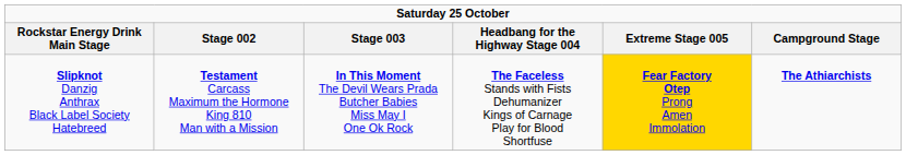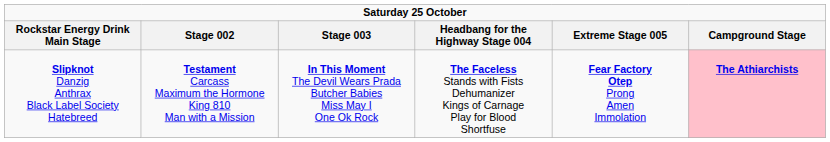 <table class="wikitable">
 <tr>
 <td colspan="6" style="text-align:center;"><strong>Saturday 25 October</strong></td>
 </tr>
 <tr>
 <th>Rockstar Energy Drink Main Stage</th>
 <th>Stage 002</th>
 <th>Stage 003</th>
 <th>Headbang for the Highway Stage 004</th>
 <th>Extreme Stage 005</th>
 <th>Campground Stage</th>
 </tr>
 <tr>
 <td style="text-align:center; vertical-align:top; width:200px;"><br><strong><a href='#'>Slipknot</a></strong><br> <a href='#'>Danzig</a><br> <a href='#'>Anthrax</a><br> <a href='#'>Black Label Society</a><br> <a href='#'>Hatebreed</a><br></td>
 <td style="text-align:center; vertical-align:top; width:200px;"><br><strong><a href='#'>Testament</a></strong><br> <a href='#'>Carcass</a><br> <a href='#'>Maximum the Hormone</a><br> <a href='#'>King 810</a><br> <a href='#'>Man with a Mission</a><br></td>
 <td style="text-align:center; vertical-align:top; width:200px;"><br><strong><a href='#'>In This Moment</a></strong><br> <a href='#'>The Devil Wears Prada</a><br> <a href='#'>Butcher Babies</a><br> <a href='#'>Miss May I</a><br> <a href='#'>One Ok Rock</a><br></td>
 <td style="text-align:center; vertical-align:top; width:200px;"><br><strong><a href='#'>The Faceless</a></strong><br> Stands with Fists<br> Dehumanizer<br> Kings of Carnage<br> Play for Blood<br> Shortfuse<br></td>
-<td style="background: gold; text-align:center; vertical-align:top; width:200px;"><br><strong><a href='#'>Fear Factory</a></strong><br> <strong><a href='#'>Otep</a></strong><br> <a href='#'>Prong</a><br> <a href='#'>Amen</a><br> <a href='#'>Immolation</a><br></td>
-<td style="text-align:center; vertical-align:top; width:200px;"><br><strong><a href='#'>The Athiarchists</a></strong></td>
+<td style="text-align:center; vertical-align:top; width:200px;"><br><strong><a href='#'>Fear Factory</a></strong><br> <strong><a href='#'>Otep</a></strong><br> <a href='#'>Prong</a><br> <a href='#'>Amen</a><br> <a href='#'>Immolation</a><br></td>
+<td style="background: pink; text-align:center; vertical-align:top; width:200px;"><br><strong><a href='#'>The Athiarchists</a></strong></td>
 </tr>
 </table>
